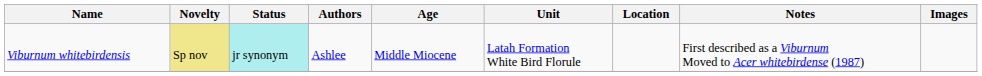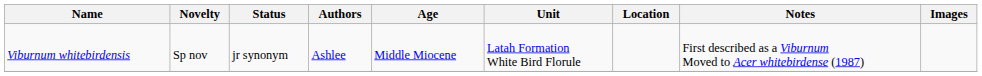 <table class="wikitable sortable" align="center" width="100%">
 <tr>
 <th>Name</th>
 <th>Novelty</th>
 <th>Status</th>
 <th>Authors</th>
 <th>Age</th>
 <th>Unit</th>
 <th>Location</th>
 <th>Notes</th>
 <th>Images</th>
 </tr>
 <tr>
 <td><br><em><a href='#'>Viburnum whitebirdensis</a></em></td>
-<td style="background: khaki;"><br>Sp nov</td>
-<td style="background: paleturquoise;"><br>jr synonym</td>
+<td><br>Sp nov</td>
+<td><br>jr synonym</td>
 <td><br><a href='#'>Ashlee</a></td>
 <td><br><a href='#'>Middle Miocene</a></td>
 <td><br><a href='#'>Latah Formation</a><br>White Bird Florule</td>
 <td><br><br></td>
 <td><br>First described as a <em><a href='#'>Viburnum</a></em><br>Moved to <em><a href='#'>Acer whitebirdense</a></em> (<a href='#'>1987</a>)</td>
 <td></td>
 </tr>
 <tr>
 </tr>
 </table>
